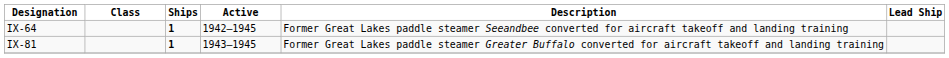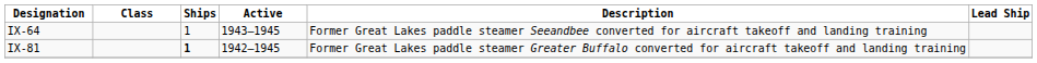 <table class="wikitable">
 <tr>
 <th style="background-color:#ffffff;width:100px;">Designation</th>
 <th style="background-color:#ffffff;width:100px;">Class</th>
 <th style="background-color:#ffffff;">Ships</th>
 <th style="background-color:#ffffff;width:100px;">Active</th>
 <th style="background-color:#ffffff;">Description</th>
 <th style="background-color:#ffffff;">Lead Ship</th>
 </tr>
 <tr>
 <td>IX-64</td>
 <td></td>
-<td><strong>1</strong></td>
-<td>1942–1945</td>
+<td>1</td>
+<td>1943–1945</td>
 <td>Former Great Lakes paddle steamer <em>Seeandbee</em> converted for aircraft takeoff and landing training</td>
 <td></td>
 </tr>
 <tr>
 <td>IX-81</td>
 <td></td>
 <td><strong>1</strong></td>
-<td>1943–1945</td>
+<td>1942–1945</td>
 <td>Former Great Lakes paddle steamer <em>Greater Buffalo</em> converted for aircraft takeoff and landing training</td>
 <td></td>
 </tr>
 <tr>
 </tr>
 </table>
